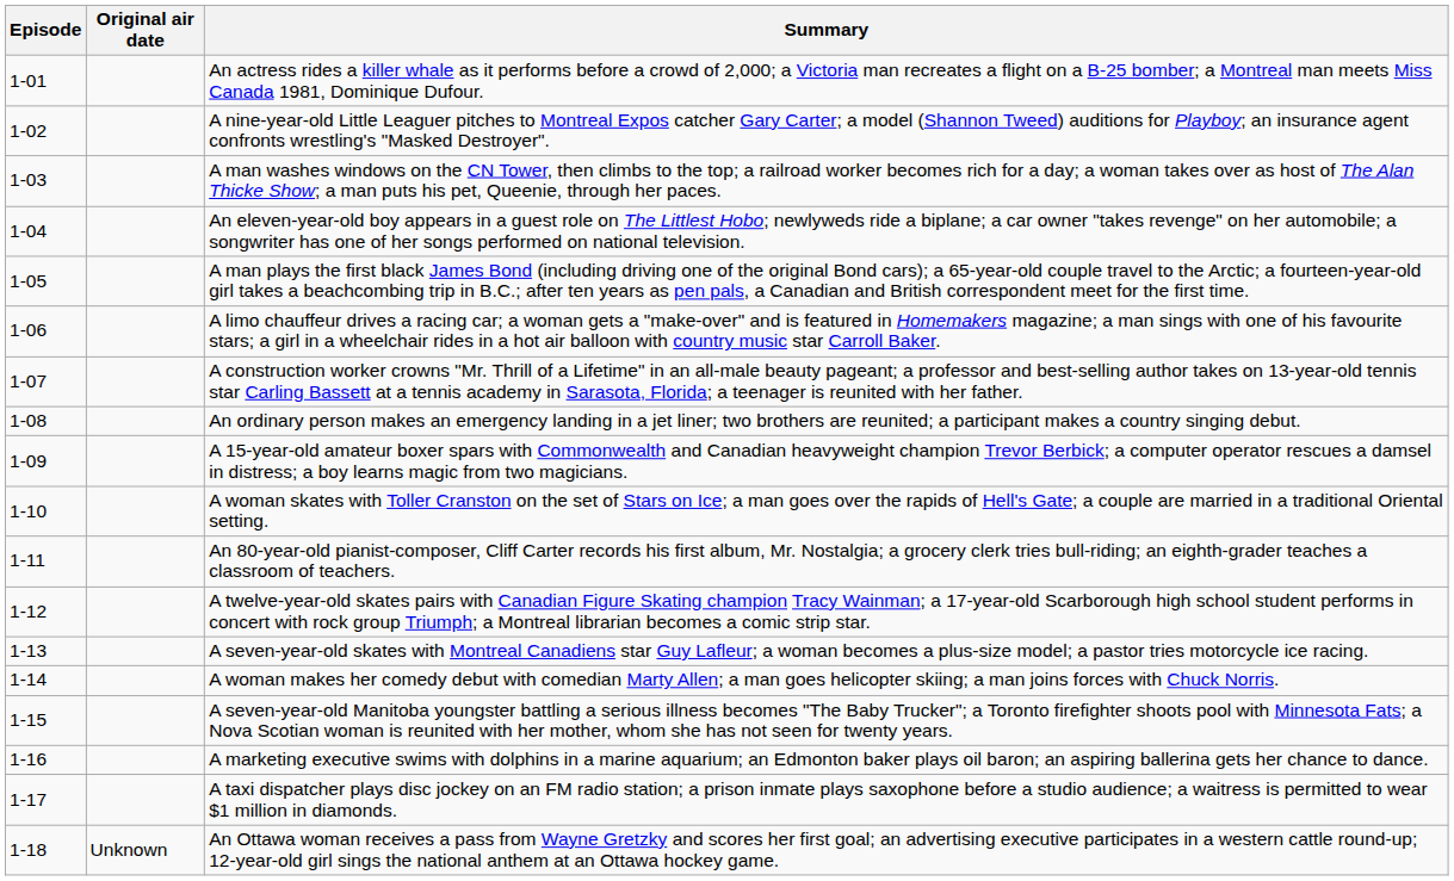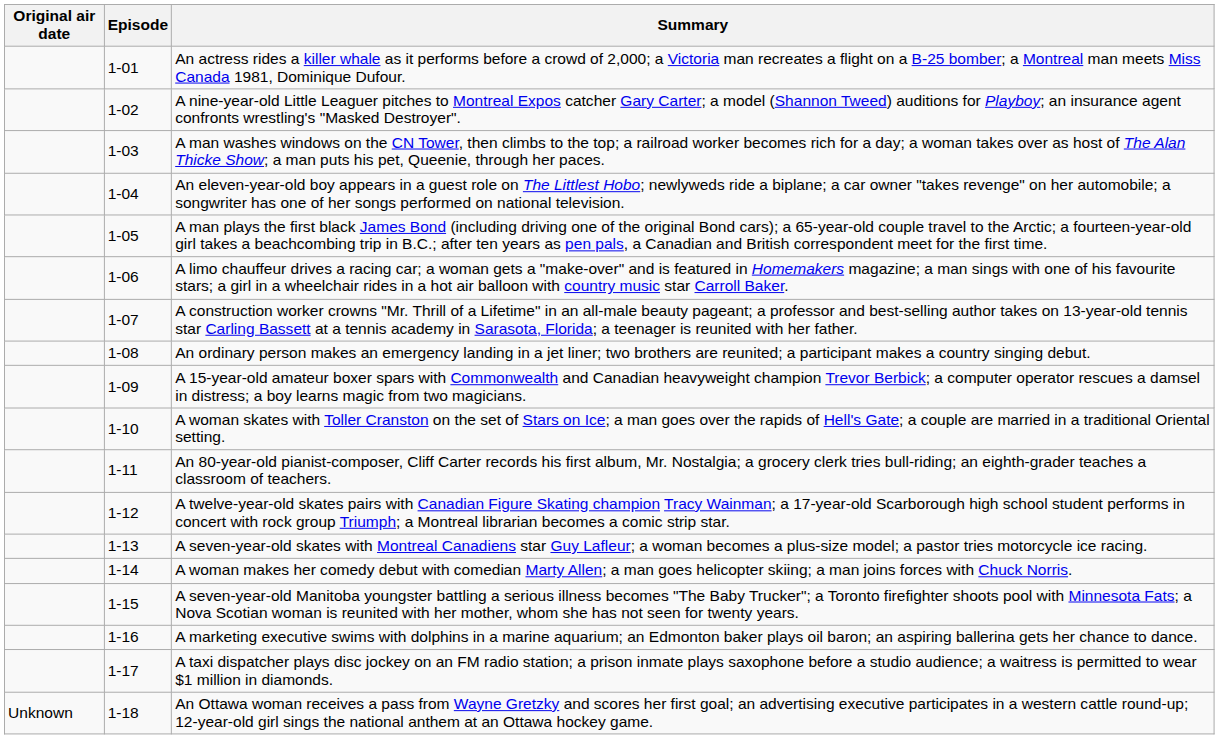 <table " class="wikitable" sortable">
 <tr>
+<th scope="col">Original air date</th>
 <th scope="col">Episode</th>
-<th scope="col">Original air date</th>
 <th scope="col">Summary</th>
 </tr>
 <tr>
+<td style=white-space:nowrap></td>
 <td>1-01</td>
-<td style=white-space:nowrap></td>
 <td>An actress rides a <a href='#'>killer whale</a> as it performs before a crowd of 2,000; a <a href='#'>Victoria</a> man  recreates a flight on a <a href='#'>B-25 bomber</a>; a <a href='#'>Montreal</a> man meets <a href='#'>Miss Canada</a> 1981, Dominique Dufour.</td>
 </tr>
 <tr>
+<td style=white-space:nowrap></td>
 <td>1-02</td>
-<td style=white-space:nowrap></td>
 <td>A nine-year-old Little Leaguer pitches to <a href='#'>Montreal Expos</a> catcher <a href='#'>Gary Carter</a>; a model (<a href='#'>Shannon Tweed</a>) auditions for <em><a href='#'>Playboy</a></em>; an insurance agent confronts wrestling's "Masked Destroyer".</td>
 </tr>
 <tr>
+<td style=white-space:nowrap></td>
 <td>1-03</td>
-<td style=white-space:nowrap></td>
 <td>A man washes windows on the <a href='#'>CN Tower</a>, then climbs to the top; a railroad worker becomes rich for a day; a woman takes over as host of <em><a href='#'>The Alan Thicke Show</a></em>; a man puts his pet, Queenie, through her paces.</td>
 </tr>
 <tr>
+<td style=white-space:nowrap></td>
 <td>1-04</td>
-<td style=white-space:nowrap></td>
 <td>An eleven-year-old boy appears in a guest role on <em><a href='#'>The Littlest Hobo</a></em>; newlyweds ride a biplane; a car owner "takes revenge" on her automobile; a songwriter has one of her songs performed on national television.</td>
 </tr>
 <tr>
+<td style=white-space:nowrap></td>
 <td>1-05</td>
-<td style=white-space:nowrap></td>
 <td>A man plays the first black <a href='#'>James Bond</a> (including driving one of the original Bond cars); a 65-year-old couple travel to the Arctic; a fourteen-year-old girl takes a beachcombing trip in B.C.; after ten years as <a href='#'>pen pals</a>, a Canadian and British correspondent meet for the first time.</td>
 </tr>
 <tr>
+<td style=white-space:nowrap></td>
 <td>1-06</td>
-<td style=white-space:nowrap></td>
 <td>A limo chauffeur drives a racing car; a woman gets a "make-over" and is featured in <em><a href='#'>Homemakers</a></em> magazine; a man sings with one of his favourite stars; a girl in a wheelchair rides in a hot air balloon with <a href='#'>country music</a> star <a href='#'>Carroll Baker</a>.</td>
 </tr>
 <tr>
+<td style=white-space:nowrap></td>
 <td>1-07</td>
-<td style=white-space:nowrap></td>
 <td>A construction worker crowns "Mr. Thrill of a Lifetime" in an all-male beauty pageant; a professor and best-selling author takes on 13-year-old tennis star <a href='#'>Carling Bassett</a> at a tennis academy in <a href='#'>Sarasota, Florida</a>; a teenager is reunited with her father.</td>
 </tr>
 <tr>
+<td style=white-space:nowrap></td>
 <td>1-08</td>
-<td style=white-space:nowrap></td>
 <td>An ordinary person makes an emergency landing in a jet liner; two brothers are reunited; a participant makes a country singing debut.</td>
 </tr>
 <tr>
+<td style=white-space:nowrap></td>
 <td>1-09</td>
-<td style=white-space:nowrap></td>
 <td>A 15-year-old amateur boxer spars with <a href='#'>Commonwealth</a> and Canadian heavyweight champion <a href='#'>Trevor Berbick</a>; a computer operator rescues a damsel in distress; a boy learns magic from two magicians.</td>
 </tr>
 <tr>
+<td style=white-space:nowrap></td>
 <td>1-10</td>
-<td style=white-space:nowrap></td>
 <td>A woman skates with <a href='#'>Toller Cranston</a> on the set of <a href='#'>Stars on Ice</a>; a man goes over the rapids of <a href='#'>Hell's Gate</a>; a couple are married in a traditional Oriental setting.</td>
 </tr>
 <tr>
+<td style=white-space:nowrap></td>
 <td>1-11</td>
-<td style=white-space:nowrap></td>
 <td>An 80-year-old pianist-composer, Cliff Carter records his first album, Mr. Nostalgia;  a grocery clerk tries bull-riding; an eighth-grader teaches a classroom of teachers.</td>
 </tr>
 <tr>
+<td style=white-space:nowrap></td>
 <td>1-12</td>
-<td style=white-space:nowrap></td>
 <td>A twelve-year-old skates pairs with <a href='#'>Canadian Figure Skating champion</a> <a href='#'>Tracy Wainman</a>; a 17-year-old Scarborough high school student performs in concert with rock group <a href='#'>Triumph</a>; a Montreal librarian becomes a comic strip star.</td>
 </tr>
 <tr>
+<td style=white-space:nowrap></td>
 <td>1-13</td>
-<td style=white-space:nowrap></td>
 <td>A seven-year-old skates with <a href='#'>Montreal Canadiens</a> star <a href='#'>Guy Lafleur</a>; a woman becomes a plus-size model; a pastor tries motorcycle ice racing.</td>
 </tr>
 <tr>
+<td style=white-space:nowrap></td>
 <td>1-14</td>
-<td style=white-space:nowrap></td>
 <td>A woman makes her comedy debut with comedian <a href='#'>Marty Allen</a>; a man goes helicopter skiing; a man joins forces with <a href='#'>Chuck Norris</a>.</td>
 </tr>
 <tr>
+<td style=white-space:nowrap></td>
 <td>1-15</td>
-<td style=white-space:nowrap></td>
 <td>A seven-year-old Manitoba youngster battling a serious illness becomes "The Baby Trucker"; a Toronto firefighter shoots pool with <a href='#'>Minnesota Fats</a>; a Nova Scotian woman is reunited with her mother, whom she has not seen for twenty years.</td>
 </tr>
 <tr>
+<td style=white-space:nowrap></td>
 <td>1-16</td>
-<td style=white-space:nowrap></td>
 <td>A marketing executive swims with dolphins in a marine aquarium; an Edmonton baker plays oil baron; an aspiring ballerina gets her chance to dance.</td>
 </tr>
 <tr>
+<td style=white-space:nowrap></td>
 <td>1-17</td>
-<td style=white-space:nowrap></td>
 <td>A taxi dispatcher plays disc jockey on an FM radio station; a prison inmate plays saxophone before a studio audience; a waitress is permitted to wear $1 million in diamonds.</td>
 </tr>
 <tr>
+<td>Unknown</td>
 <td>1-18</td>
-<td>Unknown</td>
 <td>An Ottawa woman receives a pass from <a href='#'>Wayne Gretzky</a> and scores her first goal; an advertising executive participates in a western cattle round-up; 12-year-old girl sings the national anthem at an Ottawa hockey game.</td>
 </tr>
 </table>
